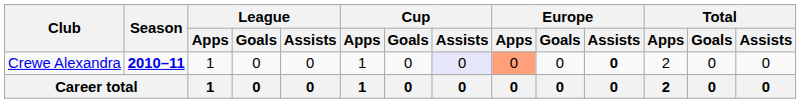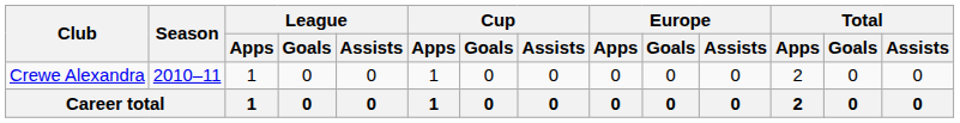 <table class="wikitable" border="1" style="font-size:90%; text-align: center;">
 <tr>
 <th rowspan="2">Club</th>
 <th rowspan="2">Season</th>
 <th colspan="3">League</th>
 <th colspan="3">Cup</th>
 <th colspan="3">Europe</th>
 <th colspan="3">Total</th>
 </tr>
 <tr>
 <th>Apps</th>
 <th>Goals</th>
 <th>Assists</th>
 <th>Apps</th>
 <th>Goals</th>
 <th>Assists</th>
 <th>Apps</th>
 <th>Goals</th>
 <th>Assists</th>
 <th>Apps</th>
 <th>Goals</th>
 <th>Assists</th>
 </tr>
 <tr>
 <td rowspan="1" valign="top"><a href='#'>Crewe Alexandra</a></td>
-<td><strong><a href='#'>2010–11</a></strong></td>
+<td><a href='#'>2010–11</a></td>
 <td>1</td>
 <td>0</td>
 <td>0</td>
 <td>1</td>
 <td>0</td>
-<td style="background: lavender;">0</td>
-<td style="background: lightsalmon;">0</td>
 <td>0</td>
-<td><strong>0</strong></td>
+<td>0</td>
+<td>0</td>
+<td>0</td>
 <td>2</td>
 <td>0</td>
 <td>0</td>
 </tr>
 <tr>
 <th colspan="2">Career total</th>
 <th>1</th>
 <th>0</th>
 <th>0</th>
 <th>1</th>
 <th>0</th>
 <th>0</th>
 <th>0</th>
 <th>0</th>
 <th>0</th>
 <th>2</th>
 <th>0</th>
 <th>0</th>
 </tr>
 </table>
